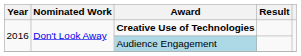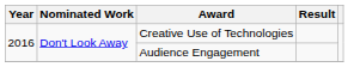 <table class="wikitable">
 <tr>
 <th>Year</th>
 <th>Nominated Work</th>
 <th>Award</th>
 <th>Result</th>
 <th></th>
 </tr>
 <tr>
 <td rowspan="2">2016</td>
 <td rowspan="2"><a href='#'>Don't Look Away</a></td>
-<td><strong>Creative Use of Technologies</strong></td>
+<td>Creative Use of Technologies</td>
 <td></td>
 <td style="text-align:center;" rowspan="2"></td>
 </tr>
 <tr>
-<td style="background: lightblue;">Audience Engagement</td>
+<td>Audience Engagement</td>
 <td></td>
 </tr>
 <tr>
 </tr>
 </table>
